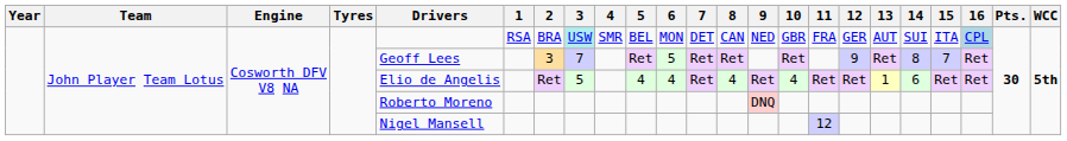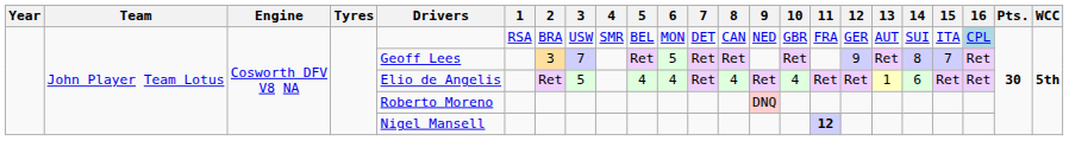 <table class="wikitable" style="text-align:center; font-size:95%">
 <tr>
 <th>Year</th>
 <th>Team</th>
 <th>Engine</th>
 <th>Tyres</th>
 <th>Drivers</th>
 <th>1</th>
 <th>2</th>
 <th>3</th>
 <th>4</th>
 <th>5</th>
 <th>6</th>
 <th>7</th>
 <th>8</th>
 <th>9</th>
 <th>10</th>
 <th>11</th>
 <th>12</th>
 <th>13</th>
 <th>14</th>
 <th>15</th>
 <th>16</th>
 <th>Pts.</th>
 <th>WCC</th>
 </tr>
 <tr>
 <td rowspan="5"></td>
 <td rowspan="5"><a href='#'>John Player</a> <a href='#'>Team Lotus</a></td>
 <td rowspan="5"><a href='#'>Cosworth DFV</a><br><a href='#'>V8</a> <a href='#'>NA</a></td>
 <td rowspan="5"></td>
 <td></td>
 <td><a href='#'>RSA</a></td>
 <td><a href='#'>BRA</a></td>
-<td style="background: paleturquoise;"><a href='#'>USW</a></td>
+<td><a href='#'>USW</a></td>
 <td><a href='#'>SMR</a></td>
 <td><a href='#'>BEL</a></td>
 <td><a href='#'>MON</a></td>
 <td><a href='#'>DET</a></td>
 <td><a href='#'>CAN</a></td>
 <td><a href='#'>NED</a></td>
 <td><a href='#'>GBR</a></td>
 <td><a href='#'>FRA</a></td>
 <td><a href='#'>GER</a></td>
 <td><a href='#'>AUT</a></td>
 <td><a href='#'>SUI</a></td>
 <td><a href='#'>ITA</a></td>
 <td style="background: lightblue;"><a href='#'>CPL</a></td>
 <td rowspan="5"><strong>30</strong></td>
 <td rowspan="5"><strong>5th</strong></td>
 </tr>
 <tr>
 <td align="left"><a href='#'>Geoff Lees</a></td>
 <td></td>
 <td style="background:#ffdf9f;">3</td>
 <td style="background:#cfcfff;">7</td>
 <td></td>
 <td style="background:#EFCFFF;">Ret</td>
 <td style="background:#DFFFDF;">5</td>
 <td style="background:#EFCFFF;">Ret</td>
 <td style="background:#EFCFFF;">Ret</td>
 <td></td>
 <td style="background:#EFCFFF;">Ret</td>
 <td></td>
 <td style="background:#cfcfff;">9</td>
 <td style="background:#EFCFFF;">Ret</td>
 <td style="background:#cfcfff;">8</td>
 <td style="background:#cfcfff;">7</td>
 <td style="background:#EFCFFF;">Ret</td>
 </tr>
 <tr>
 <td align="left"><a href='#'>Elio de Angelis</a></td>
 <td></td>
 <td style="background:#EFCFFF;">Ret</td>
 <td style="background:#DFFFDF;">5</td>
 <td></td>
 <td style="background:#DFFFDF;">4</td>
 <td style="background:#dfffdf;">4</td>
 <td style="background:#EFCFFF;">Ret</td>
 <td style="background:#DFFFDF;">4</td>
 <td style="background:#EFCFFF;">Ret</td>
 <td style="background:#DFFFDF;">4</td>
 <td style="background:#EFCFFF;">Ret</td>
 <td style="background:#EFCFFF;">Ret</td>
 <td style="background:#FFFFBF;">1</td>
 <td style="background:#DFFFDF;">6</td>
 <td style="background:#EFCFFF;">Ret</td>
 <td style="background:#EFCFFF;">Ret</td>
 </tr>
 <tr>
 <td align="left"><a href='#'>Roberto Moreno</a></td>
 <td></td>
 <td></td>
 <td></td>
 <td></td>
 <td></td>
 <td></td>
 <td></td>
 <td></td>
 <td style="background:#ffcfcf;">DNQ</td>
 <td></td>
 <td></td>
 <td></td>
 <td></td>
 <td></td>
 <td></td>
 <td></td>
 </tr>
 <tr>
 <td align="left"><a href='#'>Nigel Mansell</a></td>
 <td></td>
 <td></td>
 <td></td>
 <td></td>
 <td></td>
 <td></td>
 <td></td>
 <td></td>
 <td></td>
 <td></td>
-<td style="background:#CFCFFF;">12</td>
+<td style="background:#CFCFFF;"><strong>12</strong></td>
 <td></td>
 <td></td>
 <td></td>
 <td></td>
 <td></td>
 </tr>
 </table>
